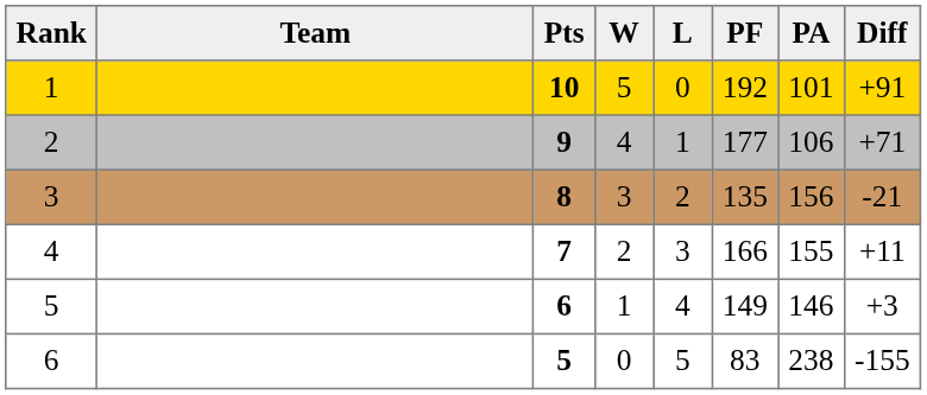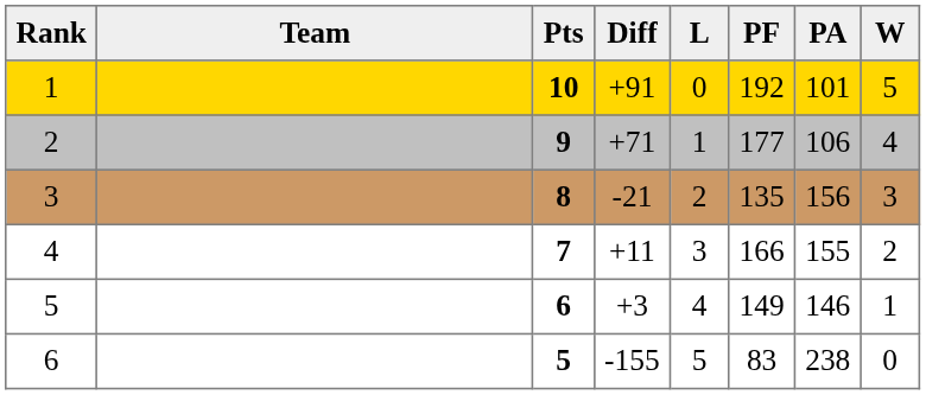 <table style=border-collapse:collapse border=1 cellspacing=0 cellpadding=5>
 <tr align=center bgcolor=#efefef>
 <th width=20>Rank</th>
 <th width=220>Team</th>
 <th width=20>Pts</th>
-<th width=20>W</th>
+<th width=20>Diff</th>
 <th width=20>L</th>
 <th width=20>PF</th>
 <th width=20>PA</th>
-<th width=20>Diff</th>
+<th width=20>W</th>
 </tr>
 <tr align=center bgcolor=gold>
 <td>1</td>
 <td align=left></td>
 <td><strong>10</strong></td>
-<td>5</td>
+<td>+91</td>
 <td>0</td>
 <td>192</td>
 <td>101</td>
-<td>+91</td>
+<td>5</td>
 </tr>
 <tr align=center bgcolor=silver>
 <td>2</td>
 <td align=left></td>
 <td><strong>9</strong></td>
-<td>4</td>
+<td>+71</td>
 <td>1</td>
 <td>177</td>
 <td>106</td>
-<td>+71</td>
+<td>4</td>
 </tr>
 <tr align=center bgcolor=cc9966>
 <td>3</td>
 <td align=left></td>
 <td><strong>8</strong></td>
-<td>3</td>
+<td>-21</td>
 <td>2</td>
 <td>135</td>
 <td>156</td>
-<td>-21</td>
+<td>3</td>
 </tr>
 <tr align=center>
 <td>4</td>
 <td align=left></td>
 <td><strong>7</strong></td>
-<td>2</td>
+<td>+11</td>
 <td>3</td>
 <td>166</td>
 <td>155</td>
-<td>+11</td>
+<td>2</td>
 </tr>
 <tr align=center>
 <td>5</td>
 <td align=left></td>
 <td><strong>6</strong></td>
-<td>1</td>
+<td>+3</td>
 <td>4</td>
 <td>149</td>
 <td>146</td>
-<td>+3</td>
+<td>1</td>
 </tr>
 <tr align=center>
 <td>6</td>
 <td align=left></td>
 <td><strong>5</strong></td>
-<td>0</td>
+<td>-155</td>
 <td>5</td>
 <td>83</td>
 <td>238</td>
-<td>-155</td>
+<td>0</td>
 </tr>
 </table>
